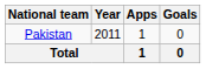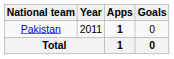 <table class="wikitable" style="text-align:center">
 <tr>
 <th>National team</th>
 <th>Year</th>
 <th>Apps</th>
 <th>Goals</th>
 </tr>
 <tr>
 <td><a href='#'>Pakistan</a></td>
 <td>2011</td>
-<td>1</td>
+<td><strong>1</strong></td>
 <td>0</td>
 </tr>
 <tr>
 <th colspan="2">Total</th>
 <th>1</th>
 <th>0</th>
 </tr>
 </table>
